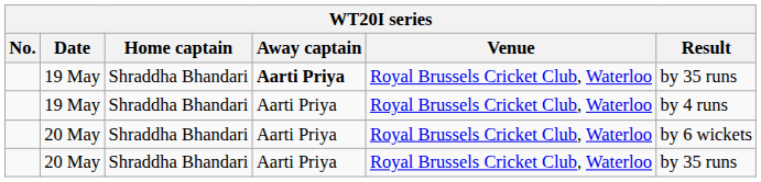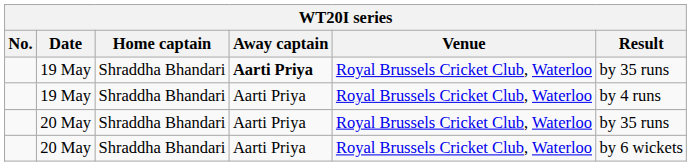 <table class="wikitable">
 <tr>
 <th colspan="6">WT20I series</th>
 </tr>
 <tr>
 <th>No.</th>
 <th>Date</th>
 <th>Home captain</th>
 <th>Away captain</th>
 <th>Venue</th>
 <th>Result</th>
 </tr>
 <tr>
 <td></td>
 <td>19 May</td>
 <td>Shraddha Bhandari</td>
 <td><strong>Aarti Priya</strong></td>
 <td><a href='#'>Royal Brussels Cricket Club</a>, <a href='#'>Waterloo</a></td>
 <td> by 35 runs</td>
 </tr>
 <tr>
 <td></td>
 <td>19 May</td>
 <td>Shraddha Bhandari</td>
 <td>Aarti Priya</td>
 <td><a href='#'>Royal Brussels Cricket Club</a>, <a href='#'>Waterloo</a></td>
 <td> by 4 runs</td>
 </tr>
 <tr>
 <td></td>
 <td>20 May</td>
 <td>Shraddha Bhandari</td>
 <td>Aarti Priya</td>
 <td><a href='#'>Royal Brussels Cricket Club</a>, <a href='#'>Waterloo</a></td>
-<td> by 6 wickets</td>
+<td> by 35 runs</td>
 </tr>
 <tr>
 <td></td>
 <td>20 May</td>
 <td>Shraddha Bhandari</td>
 <td>Aarti Priya</td>
 <td><a href='#'>Royal Brussels Cricket Club</a>, <a href='#'>Waterloo</a></td>
-<td> by 35 runs</td>
+<td> by 6 wickets</td>
 </tr>
 </table>
